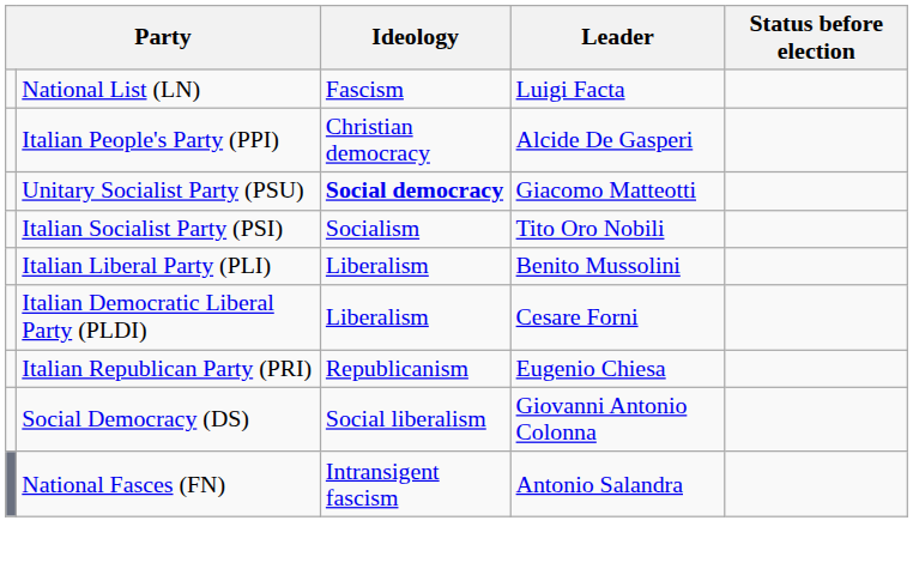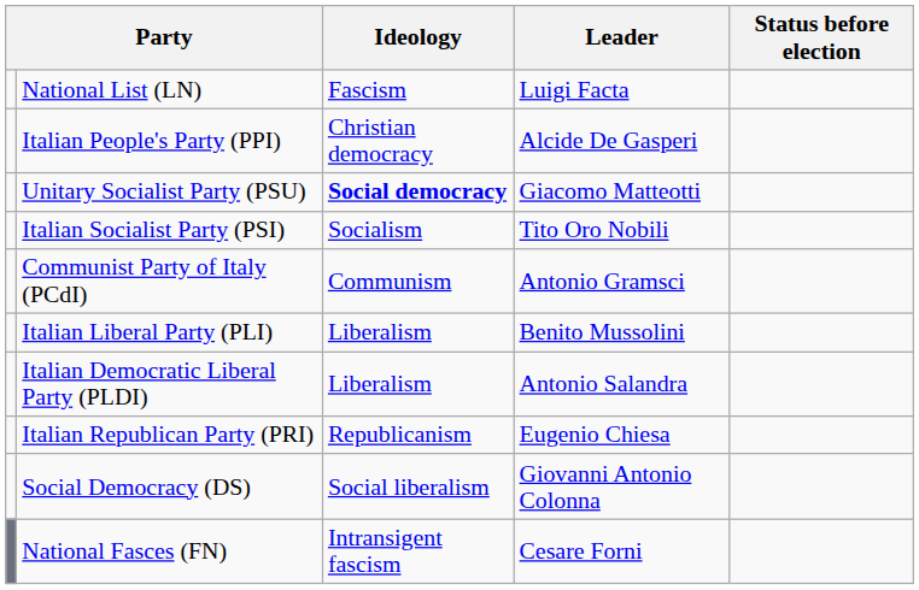 <table class=wikitable style=text-align:left>
 <tr>
 <th colspan=2>Party</th>
 <th>Ideology</th>
 <th>Leader</th>
 <th>Status before election</th>
 </tr>
 <tr>
 <td></td>
 <td><a href='#'>National List</a> (LN)</td>
 <td><a href='#'>Fascism</a></td>
 <td><a href='#'>Luigi Facta</a></td>
 <td></td>
 </tr>
 <tr>
 <td></td>
 <td><a href='#'>Italian People's Party</a> (PPI)</td>
 <td><a href='#'>Christian democracy</a></td>
 <td><a href='#'>Alcide De Gasperi</a></td>
 <td></td>
 </tr>
 <tr>
 <td></td>
 <td><a href='#'>Unitary Socialist Party</a> (PSU)</td>
 <td><strong><a href='#'>Social democracy</a></strong></td>
 <td><a href='#'>Giacomo Matteotti</a></td>
 <td></td>
 </tr>
 <tr>
 <td></td>
 <td><a href='#'>Italian Socialist Party</a> (PSI)</td>
 <td><a href='#'>Socialism</a></td>
 <td><a href='#'>Tito Oro Nobili</a></td>
 <td></td>
 </tr>
 <tr>
 <td></td>
+<td><a href='#'>Communist Party of Italy</a> (PCdI)</td>
+<td><a href='#'>Communism</a></td>
+<td><a href='#'>Antonio Gramsci</a></td>
+<td></td>
+</tr>
+<tr>
+<td></td>
 <td><a href='#'>Italian Liberal Party</a> (PLI)</td>
 <td><a href='#'>Liberalism</a></td>
 <td><a href='#'>Benito Mussolini</a></td>
 <td></td>
 </tr>
 <tr>
 <td></td>
 <td><a href='#'>Italian Democratic Liberal Party</a> (PLDI)</td>
 <td><a href='#'>Liberalism</a></td>
-<td><a href='#'>Cesare Forni</a></td>
+<td><a href='#'>Antonio Salandra</a></td>
 <td></td>
 </tr>
 <tr>
 <td></td>
 <td><a href='#'>Italian Republican Party</a> (PRI)</td>
 <td><a href='#'>Republicanism</a></td>
 <td><a href='#'>Eugenio Chiesa</a></td>
 <td></td>
 </tr>
 <tr>
 <td></td>
 <td><a href='#'>Social Democracy</a> (DS)</td>
 <td><a href='#'>Social liberalism</a></td>
 <td><a href='#'>Giovanni Antonio Colonna</a></td>
 <td></td>
 </tr>
 <tr>
 <td bgcolor="#6a707f"></td>
 <td><a href='#'>National Fasces</a> (FN)</td>
 <td><a href='#'>Intransigent fascism</a></td>
-<td><a href='#'>Antonio Salandra</a></td>
+<td><a href='#'>Cesare Forni</a></td>
 <td></td>
 </tr>
 </table>
